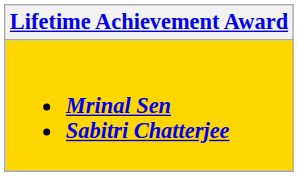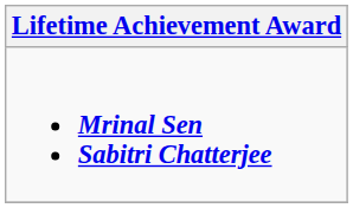 <table class="wikitable">
 <tr>
 <th colspan=2; style="text-align: left;"><a href='#'>Lifetime Achievement Award</a></th>
 </tr>
 <tr>
-<td style="background: gold;"><br><ul><li><strong><em><a href='#'>Mrinal Sen</a></em></strong></li><li><strong><em><a href='#'>Sabitri Chatterjee</a></em></strong></li></ul></td>
+<td><br><ul><li><strong><em><a href='#'>Mrinal Sen</a></em></strong></li><li><strong><em><a href='#'>Sabitri Chatterjee</a></em></strong></li></ul></td>
 </tr>
 <tr>
 </tr>
 </table>
